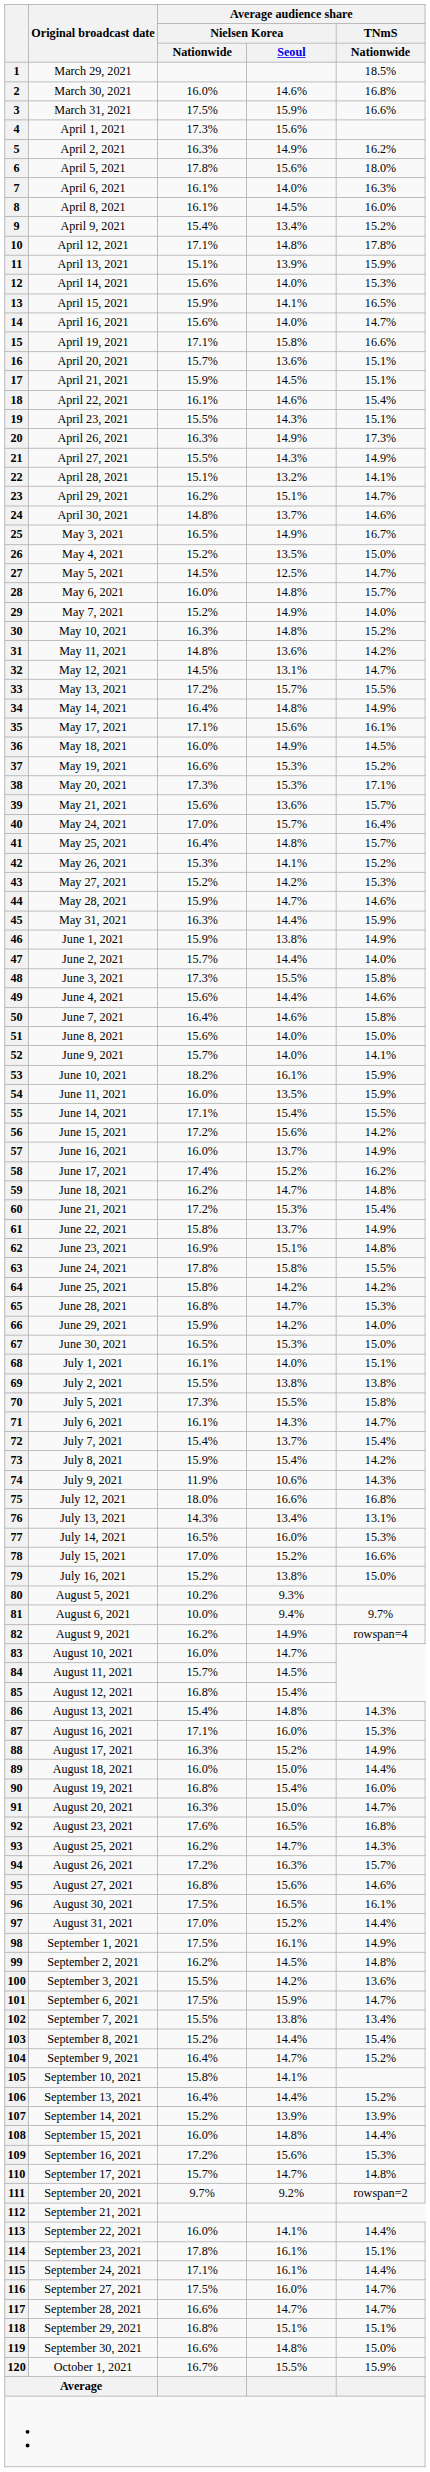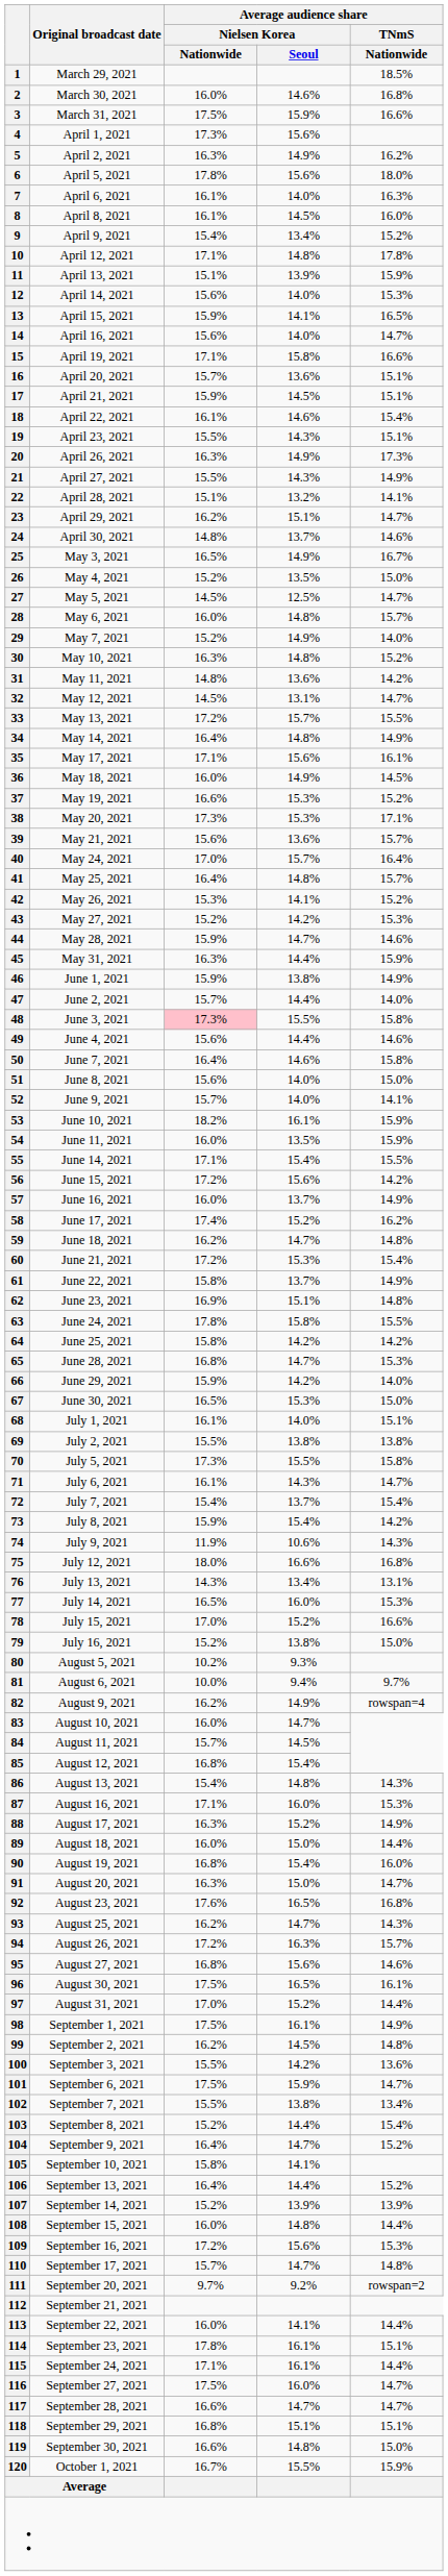 <table class="wikitable" style="text-align:center;max-width:650px; margin-left: auto; margin-right: auto; border: none;">
 <tr>
 <th rowspan="3"></th>
 <th rowspan="3">Original broadcast date</th>
 <th colspan="3">Average audience share</th>
 </tr>
 <tr>
 <th colspan="2">Nielsen Korea</th>
 <th>TNmS</th>
 </tr>
 <tr>
 <th width="110">Nationwide</th>
 <th width="110"><a href='#'>Seoul</a></th>
 <th width="110">Nationwide</th>
 </tr>
 <tr>
 <th>1</th>
 <td>March 29, 2021</td>
 <td> </td>
 <td> </td>
 <td>18.5% </td>
 </tr>
 <tr>
 <th>2</th>
 <td>March 30, 2021</td>
 <td>16.0% </td>
 <td>14.6% </td>
 <td>16.8% </td>
 </tr>
 <tr>
 <th>3</th>
 <td>March 31, 2021</td>
 <td>17.5% </td>
 <td>15.9% </td>
 <td>16.6% </td>
 </tr>
 <tr>
 <th>4</th>
 <td>April 1, 2021</td>
 <td>17.3% </td>
 <td>15.6% </td>
 <td> </td>
 </tr>
 <tr>
 <th>5</th>
 <td>April 2, 2021</td>
 <td>16.3% </td>
 <td>14.9% </td>
 <td>16.2% </td>
 </tr>
 <tr>
 <th>6</th>
 <td>April 5, 2021</td>
 <td>17.8% </td>
 <td>15.6% </td>
 <td>18.0% </td>
 </tr>
 <tr>
 <th>7</th>
 <td>April 6, 2021</td>
 <td>16.1% </td>
 <td>14.0% </td>
 <td>16.3% </td>
 </tr>
 <tr>
 <th>8</th>
 <td>April 8, 2021</td>
 <td>16.1% </td>
 <td>14.5% </td>
 <td>16.0% </td>
 </tr>
 <tr>
 <th>9</th>
 <td>April 9, 2021</td>
 <td>15.4% </td>
 <td>13.4% </td>
 <td>15.2% </td>
 </tr>
 <tr>
 <th>10</th>
 <td>April 12, 2021</td>
 <td>17.1% </td>
 <td>14.8% </td>
 <td>17.8% </td>
 </tr>
 <tr>
 <th>11</th>
 <td>April 13, 2021</td>
 <td>15.1% </td>
 <td>13.9% </td>
 <td>15.9% </td>
 </tr>
 <tr>
 <th>12</th>
 <td>April 14, 2021</td>
 <td>15.6% </td>
 <td>14.0% </td>
 <td>15.3% </td>
 </tr>
 <tr>
 <th>13</th>
 <td>April 15, 2021</td>
 <td>15.9% </td>
 <td>14.1% </td>
 <td>16.5% </td>
 </tr>
 <tr>
 <th>14</th>
 <td>April 16, 2021</td>
 <td>15.6% </td>
 <td>14.0% </td>
 <td>14.7% </td>
 </tr>
 <tr>
 <th>15</th>
 <td>April 19, 2021</td>
 <td>17.1% </td>
 <td>15.8% </td>
 <td>16.6% </td>
 </tr>
 <tr>
 <th>16</th>
 <td>April 20, 2021</td>
 <td>15.7% </td>
 <td>13.6% </td>
 <td>15.1% </td>
 </tr>
 <tr>
 <th>17</th>
 <td>April 21, 2021</td>
 <td>15.9% </td>
 <td>14.5% </td>
 <td>15.1% </td>
 </tr>
 <tr>
 <th>18</th>
 <td>April 22, 2021</td>
 <td>16.1% </td>
 <td>14.6% </td>
 <td>15.4% </td>
 </tr>
 <tr>
 <th>19</th>
 <td>April 23, 2021</td>
 <td>15.5% </td>
 <td>14.3% </td>
 <td>15.1% </td>
 </tr>
 <tr>
 <th>20</th>
 <td>April 26, 2021</td>
 <td>16.3% </td>
 <td>14.9% </td>
 <td>17.3% </td>
 </tr>
 <tr>
 <th>21</th>
 <td>April 27, 2021</td>
 <td>15.5% </td>
 <td>14.3% </td>
 <td>14.9% </td>
 </tr>
 <tr>
 <th>22</th>
 <td>April 28, 2021</td>
 <td>15.1% </td>
 <td>13.2% </td>
 <td>14.1% </td>
 </tr>
 <tr>
 <th>23</th>
 <td>April 29, 2021</td>
 <td>16.2% </td>
 <td>15.1% </td>
 <td>14.7% </td>
 </tr>
 <tr>
 <th>24</th>
 <td>April 30, 2021</td>
 <td>14.8% </td>
 <td>13.7% </td>
 <td>14.6% </td>
 </tr>
 <tr>
 <th>25</th>
 <td>May 3, 2021</td>
 <td>16.5% </td>
 <td>14.9% </td>
 <td>16.7% </td>
 </tr>
 <tr>
 <th>26</th>
 <td>May 4, 2021</td>
 <td>15.2% </td>
 <td>13.5% </td>
 <td>15.0% </td>
 </tr>
 <tr>
 <th>27</th>
 <td>May 5, 2021</td>
 <td>14.5% </td>
 <td>12.5% </td>
 <td>14.7% </td>
 </tr>
 <tr>
 <th>28</th>
 <td>May 6, 2021</td>
 <td>16.0% </td>
 <td>14.8% </td>
 <td>15.7% </td>
 </tr>
 <tr>
 <th>29</th>
 <td>May 7, 2021</td>
 <td>15.2% </td>
 <td>14.9% </td>
 <td>14.0% </td>
 </tr>
 <tr>
 <th>30</th>
 <td>May 10, 2021</td>
 <td>16.3% </td>
 <td>14.8% </td>
 <td>15.2% </td>
 </tr>
 <tr>
 <th>31</th>
 <td>May 11, 2021</td>
 <td>14.8% </td>
 <td>13.6% </td>
 <td>14.2% </td>
 </tr>
 <tr>
 <th>32</th>
 <td>May 12, 2021</td>
 <td>14.5% </td>
 <td>13.1% </td>
 <td>14.7% </td>
 </tr>
 <tr>
 <th>33</th>
 <td>May 13, 2021</td>
 <td>17.2% </td>
 <td>15.7% </td>
 <td>15.5% </td>
 </tr>
 <tr>
 <th>34</th>
 <td>May 14, 2021</td>
 <td>16.4% </td>
 <td>14.8% </td>
 <td>14.9% </td>
 </tr>
 <tr>
 <th>35</th>
 <td>May 17, 2021</td>
 <td>17.1% </td>
 <td>15.6% </td>
 <td>16.1% </td>
 </tr>
 <tr>
 <th>36</th>
 <td>May 18, 2021</td>
 <td>16.0% </td>
 <td>14.9% </td>
 <td>14.5% </td>
 </tr>
 <tr>
 <th>37</th>
 <td>May 19, 2021</td>
 <td>16.6% </td>
 <td>15.3% </td>
 <td>15.2% </td>
 </tr>
 <tr>
 <th>38</th>
 <td>May 20, 2021</td>
 <td>17.3% </td>
 <td>15.3% </td>
 <td>17.1% </td>
 </tr>
 <tr>
 <th>39</th>
 <td>May 21, 2021</td>
 <td>15.6% </td>
 <td>13.6% </td>
 <td>15.7% </td>
 </tr>
 <tr>
 <th>40</th>
 <td>May 24, 2021</td>
 <td>17.0% </td>
 <td>15.7% </td>
 <td>16.4% </td>
 </tr>
 <tr>
 <th>41</th>
 <td>May 25, 2021</td>
 <td>16.4% </td>
 <td>14.8% </td>
 <td>15.7% </td>
 </tr>
 <tr>
 <th>42</th>
 <td>May 26, 2021</td>
 <td>15.3% </td>
 <td>14.1% </td>
 <td>15.2% </td>
 </tr>
 <tr>
 <th>43</th>
 <td>May 27, 2021</td>
 <td>15.2% </td>
 <td>14.2% </td>
 <td>15.3% </td>
 </tr>
 <tr>
 <th>44</th>
 <td>May 28, 2021</td>
 <td>15.9% </td>
 <td>14.7% </td>
 <td>14.6% </td>
 </tr>
 <tr>
 <th>45</th>
 <td>May 31, 2021</td>
 <td>16.3% </td>
 <td>14.4% </td>
 <td>15.9% </td>
 </tr>
 <tr>
 <th>46</th>
 <td>June 1, 2021</td>
 <td>15.9% </td>
 <td>13.8% </td>
 <td>14.9% </td>
 </tr>
 <tr>
 <th>47</th>
 <td>June 2, 2021</td>
 <td>15.7% </td>
 <td>14.4% </td>
 <td>14.0% </td>
 </tr>
 <tr>
 <th>48</th>
 <td>June 3, 2021</td>
-<td>17.3% </td>
+<td style="background: pink;">17.3% </td>
 <td>15.5% </td>
 <td>15.8% </td>
 </tr>
 <tr>
 <th>49</th>
 <td>June 4, 2021</td>
 <td>15.6% </td>
 <td>14.4% </td>
 <td>14.6% </td>
 </tr>
 <tr>
 <th>50</th>
 <td>June 7, 2021</td>
 <td>16.4% </td>
 <td>14.6% </td>
 <td>15.8% </td>
 </tr>
 <tr>
 <th>51</th>
 <td>June 8, 2021</td>
 <td>15.6% </td>
 <td>14.0% </td>
 <td>15.0% </td>
 </tr>
 <tr>
 <th>52</th>
 <td>June 9, 2021</td>
 <td>15.7% </td>
 <td>14.0% </td>
 <td>14.1% </td>
 </tr>
 <tr>
 <th>53</th>
 <td>June 10, 2021</td>
 <td>18.2% </td>
 <td>16.1% </td>
 <td>15.9% </td>
 </tr>
 <tr>
 <th>54</th>
 <td>June 11, 2021</td>
 <td>16.0% </td>
 <td>13.5% </td>
 <td>15.9% </td>
 </tr>
 <tr>
 <th>55</th>
 <td>June 14, 2021</td>
 <td>17.1% </td>
 <td>15.4% </td>
 <td>15.5% </td>
 </tr>
 <tr>
 <th>56</th>
 <td>June 15, 2021</td>
 <td>17.2% </td>
 <td>15.6% </td>
 <td>14.2% </td>
 </tr>
 <tr>
 <th>57</th>
 <td>June 16, 2021</td>
 <td>16.0% </td>
 <td>13.7% </td>
 <td>14.9% </td>
 </tr>
 <tr>
 <th>58</th>
 <td>June 17, 2021</td>
 <td>17.4% </td>
 <td>15.2% </td>
 <td>16.2% </td>
 </tr>
 <tr>
 <th>59</th>
 <td>June 18, 2021</td>
 <td>16.2% </td>
 <td>14.7% </td>
 <td>14.8% </td>
 </tr>
 <tr>
 <th>60</th>
 <td>June 21, 2021</td>
 <td>17.2% </td>
 <td>15.3% </td>
 <td>15.4% </td>
 </tr>
 <tr>
 <th>61</th>
 <td>June 22, 2021</td>
 <td>15.8% </td>
 <td>13.7% </td>
 <td>14.9% </td>
 </tr>
 <tr>
 <th>62</th>
 <td>June 23, 2021</td>
 <td>16.9% </td>
 <td>15.1% </td>
 <td>14.8% </td>
 </tr>
 <tr>
 <th>63</th>
 <td>June 24, 2021</td>
 <td>17.8% </td>
 <td>15.8% </td>
 <td>15.5% </td>
 </tr>
 <tr>
 <th>64</th>
 <td>June 25, 2021</td>
 <td>15.8% </td>
 <td>14.2% </td>
 <td>14.2% </td>
 </tr>
 <tr>
 <th>65</th>
 <td>June 28, 2021</td>
 <td>16.8% </td>
 <td>14.7% </td>
 <td>15.3% </td>
 </tr>
 <tr>
 <th>66</th>
 <td>June 29, 2021</td>
 <td>15.9% </td>
 <td>14.2% </td>
 <td>14.0% </td>
 </tr>
 <tr>
 <th>67</th>
 <td>June 30, 2021</td>
 <td>16.5% </td>
 <td>15.3% </td>
 <td>15.0% </td>
 </tr>
 <tr>
 <th>68</th>
 <td>July 1, 2021</td>
 <td>16.1% </td>
 <td>14.0% </td>
 <td>15.1% </td>
 </tr>
 <tr>
 <th>69</th>
 <td>July 2, 2021</td>
 <td>15.5% </td>
 <td>13.8% </td>
 <td>13.8% </td>
 </tr>
 <tr>
 <th>70</th>
 <td>July 5, 2021</td>
 <td>17.3% </td>
 <td>15.5% </td>
 <td>15.8% </td>
 </tr>
 <tr>
 <th>71</th>
 <td>July 6, 2021</td>
 <td>16.1% </td>
 <td>14.3% </td>
 <td>14.7% </td>
 </tr>
 <tr>
 <th>72</th>
 <td>July 7, 2021</td>
 <td>15.4% </td>
 <td>13.7% </td>
 <td>15.4% </td>
 </tr>
 <tr>
 <th>73</th>
 <td>July 8, 2021</td>
 <td>15.9% </td>
 <td>15.4% </td>
 <td>14.2% </td>
 </tr>
 <tr>
 <th>74</th>
 <td>July 9, 2021</td>
 <td>11.9% </td>
 <td>10.6% </td>
 <td>14.3% </td>
 </tr>
 <tr>
 <th>75</th>
 <td>July 12, 2021</td>
 <td>18.0% </td>
 <td>16.6% </td>
 <td>16.8% </td>
 </tr>
 <tr>
 <th>76</th>
 <td>July 13, 2021</td>
 <td>14.3% </td>
 <td>13.4% </td>
 <td>13.1% </td>
 </tr>
 <tr>
 <th>77</th>
 <td>July 14, 2021</td>
 <td>16.5% </td>
 <td>16.0% </td>
 <td>15.3% </td>
 </tr>
 <tr>
 <th>78</th>
 <td>July 15, 2021</td>
 <td>17.0% </td>
 <td>15.2% </td>
 <td>16.6% </td>
 </tr>
 <tr>
 <th>79</th>
 <td>July 16, 2021</td>
 <td>15.2% </td>
 <td>13.8% </td>
 <td>15.0% </td>
 </tr>
 <tr>
 <th>80</th>
 <td>August 5, 2021</td>
 <td>10.2% </td>
 <td>9.3% </td>
 <td> </td>
 </tr>
 <tr>
 <th>81</th>
 <td>August 6, 2021</td>
 <td>10.0% </td>
 <td>9.4% </td>
 <td>9.7% </td>
 </tr>
 <tr>
 <th>82</th>
 <td>August 9, 2021</td>
 <td>16.2% </td>
 <td>14.9% </td>
 <td>rowspan=4 </td>
 </tr>
 <tr>
 <th>83</th>
 <td>August 10, 2021</td>
 <td>16.0% </td>
 <td>14.7% </td>
 </tr>
 <tr>
 <th>84</th>
 <td>August 11, 2021</td>
 <td>15.7% </td>
 <td>14.5% </td>
 </tr>
 <tr>
 <th>85</th>
 <td>August 12, 2021</td>
 <td>16.8% </td>
 <td>15.4% </td>
 </tr>
 <tr>
 <th>86</th>
 <td>August 13, 2021</td>
 <td>15.4% </td>
 <td>14.8% </td>
 <td>14.3% </td>
 </tr>
 <tr>
 <th>87</th>
 <td>August 16, 2021</td>
 <td>17.1% </td>
 <td>16.0% </td>
 <td>15.3% </td>
 </tr>
 <tr>
 <th>88</th>
 <td>August 17, 2021</td>
 <td>16.3% </td>
 <td>15.2% </td>
 <td>14.9% </td>
 </tr>
 <tr>
 <th>89</th>
 <td>August 18, 2021</td>
 <td>16.0% </td>
 <td>15.0% </td>
 <td>14.4% </td>
 </tr>
 <tr>
 <th>90</th>
 <td>August 19, 2021</td>
 <td>16.8% </td>
 <td>15.4% </td>
 <td>16.0% </td>
 </tr>
 <tr>
 <th>91</th>
 <td>August 20, 2021</td>
 <td>16.3% </td>
 <td>15.0% </td>
 <td>14.7% </td>
 </tr>
 <tr>
 <th>92</th>
 <td>August 23, 2021</td>
 <td>17.6% </td>
 <td>16.5% </td>
 <td>16.8% </td>
 </tr>
 <tr>
 <th>93</th>
 <td>August 25, 2021</td>
 <td>16.2% </td>
 <td>14.7% </td>
 <td>14.3% </td>
 </tr>
 <tr>
 <th>94</th>
 <td>August 26, 2021</td>
 <td>17.2% </td>
 <td>16.3% </td>
 <td>15.7% </td>
 </tr>
 <tr>
 <th>95</th>
 <td>August 27, 2021</td>
 <td>16.8% </td>
 <td>15.6% </td>
 <td>14.6% </td>
 </tr>
 <tr>
 <th>96</th>
 <td>August 30, 2021</td>
 <td>17.5% </td>
 <td>16.5% </td>
 <td>16.1% </td>
 </tr>
 <tr>
 <th>97</th>
 <td>August 31, 2021</td>
 <td>17.0% </td>
 <td>15.2% </td>
 <td>14.4% </td>
 </tr>
 <tr>
 <th>98</th>
 <td>September 1, 2021</td>
 <td>17.5% </td>
 <td>16.1% </td>
 <td>14.9% </td>
 </tr>
 <tr>
 <th>99</th>
 <td>September 2, 2021</td>
 <td>16.2% </td>
 <td>14.5% </td>
 <td>14.8% </td>
 </tr>
 <tr>
 <th>100</th>
 <td>September 3, 2021</td>
 <td>15.5% </td>
 <td>14.2% </td>
 <td>13.6% </td>
 </tr>
 <tr>
 <th>101</th>
 <td>September 6, 2021</td>
 <td>17.5% </td>
 <td>15.9% </td>
 <td>14.7% </td>
 </tr>
 <tr>
 <th>102</th>
 <td>September 7, 2021</td>
 <td>15.5% </td>
 <td>13.8% </td>
 <td>13.4% </td>
 </tr>
 <tr>
 <th>103</th>
 <td>September 8, 2021</td>
 <td>15.2% </td>
 <td>14.4% </td>
 <td>15.4% </td>
 </tr>
 <tr>
 <th>104</th>
 <td>September 9, 2021</td>
 <td>16.4% </td>
 <td>14.7% </td>
 <td>15.2% </td>
 </tr>
 <tr>
 <th>105</th>
 <td>September 10, 2021</td>
 <td>15.8% </td>
 <td>14.1% </td>
 <td></td>
 </tr>
 <tr>
 <th>106</th>
 <td>September 13, 2021</td>
 <td>16.4% </td>
 <td>14.4% </td>
 <td>15.2% </td>
 </tr>
 <tr>
 <th>107</th>
 <td>September 14, 2021</td>
 <td>15.2% </td>
 <td>13.9% </td>
 <td>13.9% </td>
 </tr>
 <tr>
 <th>108</th>
 <td>September 15, 2021</td>
 <td>16.0% </td>
 <td>14.8% </td>
 <td>14.4% </td>
 </tr>
 <tr>
 <th>109</th>
 <td>September 16, 2021</td>
 <td>17.2% </td>
 <td>15.6% </td>
 <td>15.3% </td>
 </tr>
 <tr>
 <th>110</th>
 <td>September 17, 2021</td>
 <td>15.7% </td>
 <td>14.7% </td>
 <td>14.8% </td>
 </tr>
 <tr>
 <th>111</th>
 <td>September 20, 2021</td>
 <td>9.7% </td>
 <td>9.2% </td>
 <td>rowspan=2</td>
 </tr>
 <tr>
 <th>112</th>
 <td>September 21, 2021</td>
 <td> </td>
 <td> </td>
 </tr>
 <tr>
 <th>113</th>
 <td>September 22, 2021</td>
 <td>16.0% </td>
 <td>14.1% </td>
 <td>14.4% </td>
 </tr>
 <tr>
 <th>114</th>
 <td>September 23, 2021</td>
 <td>17.8% </td>
 <td>16.1% </td>
 <td>15.1% </td>
 </tr>
 <tr>
 <th>115</th>
 <td>September 24, 2021</td>
 <td>17.1% </td>
 <td>16.1% </td>
 <td>14.4% </td>
 </tr>
 <tr>
 <th>116</th>
 <td>September 27, 2021</td>
 <td>17.5% </td>
 <td>16.0% </td>
 <td>14.7% </td>
 </tr>
 <tr>
 <th>117</th>
 <td>September 28, 2021</td>
 <td>16.6% </td>
 <td>14.7% </td>
 <td>14.7% </td>
 </tr>
 <tr>
 <th>118</th>
 <td>September 29, 2021</td>
 <td>16.8% </td>
 <td>15.1% </td>
 <td>15.1% </td>
 </tr>
 <tr>
 <th>119</th>
 <td>September 30, 2021</td>
 <td>16.6% </td>
 <td>14.8% </td>
 <td>15.0% </td>
 </tr>
 <tr>
 <th>120</th>
 <td>October 1, 2021</td>
 <td>16.7% </td>
 <td>15.5% </td>
 <td>15.9% </td>
 </tr>
 <tr>
 <th colspan="2">Average</th>
 <th></th>
 <th></th>
 <th></th>
 </tr>
 <tr>
 <td colspan="5"><br><ul><li></li><li></li></ul></td>
 </tr>
 </table>
